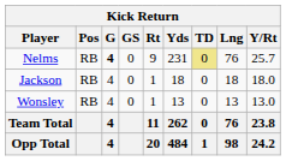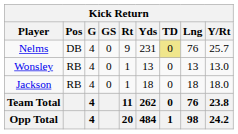 <table class="wikitable" style="text-align:center">
 <tr>
 <th colspan="9">Kick Return</th>
 </tr>
 <tr>
 <th>Player</th>
 <th>Pos</th>
 <th>G</th>
 <th>GS</th>
 <th>Rt</th>
 <th>Yds</th>
 <th>TD</th>
 <th>Lng</th>
 <th>Y/Rt</th>
 </tr>
 <tr>
 <td><a href='#'>Nelms</a></td>
-<td>RB</td>
-<td><strong>4</strong></td>
+<td>DB</td>
+<td>4</td>
 <td>0</td>
 <td>9</td>
 <td>231</td>
 <td style="background: khaki;">0</td>
 <td>76</td>
 <td>25.7</td>
+</tr>
+<tr>
+<td><a href='#'>Wonsley</a></td>
+<td>RB</td>
+<td>4</td>
+<td>0</td>
+<td>1</td>
+<td>13</td>
+<td>0</td>
+<td>13</td>
+<td>13.0</td>
 </tr>
 <tr>
 <td><a href='#'>Jackson</a></td>
 <td>RB</td>
 <td>4</td>
 <td>0</td>
 <td>1</td>
 <td>18</td>
 <td>0</td>
 <td>18</td>
 <td>18.0</td>
-</tr>
-<tr>
-<td><a href='#'>Wonsley</a></td>
-<td>RB</td>
-<td>4</td>
-<td>0</td>
-<td>1</td>
-<td>13</td>
-<td>0</td>
-<td>13</td>
-<td>13.0</td>
 </tr>
 <tr>
 <th>Team Total</th>
 <th></th>
 <th>4</th>
 <th></th>
 <th>11</th>
 <th>262</th>
 <th>0</th>
 <th>76</th>
 <th>23.8</th>
 </tr>
 <tr>
 <th>Opp Total</th>
 <th></th>
 <th>4</th>
 <th></th>
 <th>20</th>
 <th>484</th>
 <th>1</th>
 <th>98</th>
 <th>24.2</th>
 </tr>
 </table>
